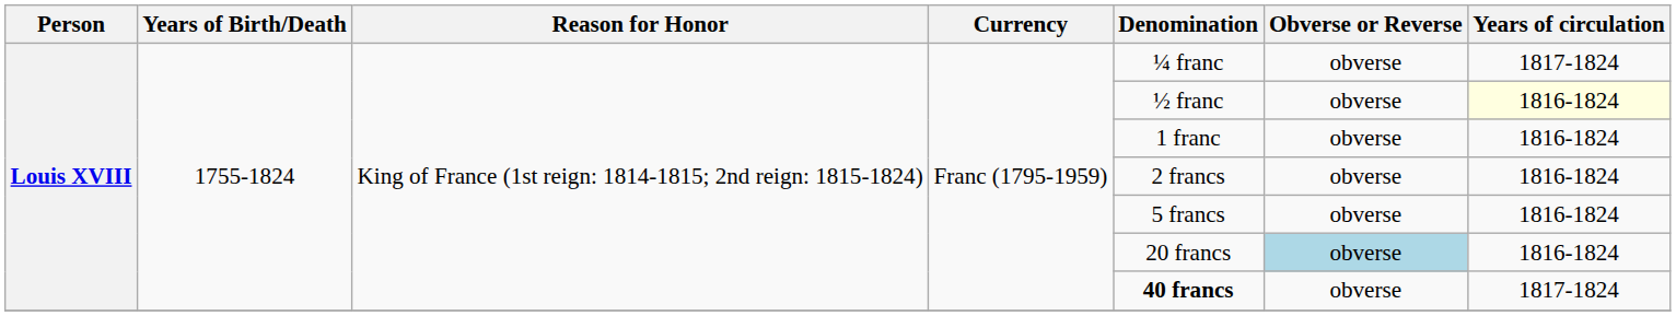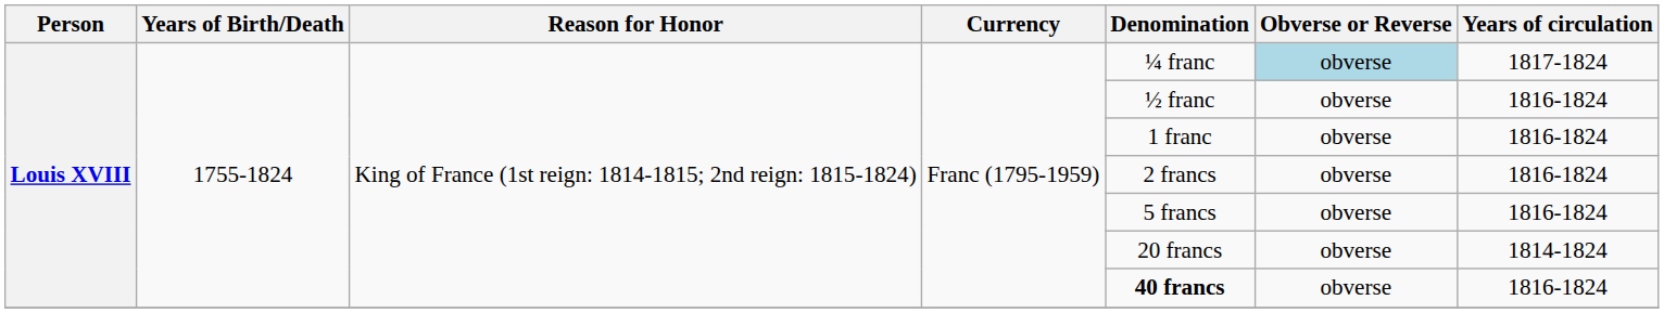 <table class="wikitable" style="font-size:95%; text-align:center;">
 <tr>
 <th>Person</th>
 <th>Years of Birth/Death</th>
 <th>Reason for Honor</th>
 <th>Currency</th>
 <th>Denomination</th>
 <th>Obverse or Reverse</th>
 <th>Years of circulation</th>
 </tr>
 <tr>
 <th rowspan="7"><a href='#'>Louis XVIII</a></th>
 <td rowspan="7">1755-1824</td>
 <td rowspan="7">King of France (1st reign: 1814-1815; 2nd reign: 1815-1824)</td>
 <td rowspan="7">Franc (1795-1959)</td>
 <td>¼ franc</td>
-<td>obverse</td>
+<td style="background: lightblue;">obverse</td>
 <td>1817-1824</td>
 </tr>
 <tr>
 <td>½ franc</td>
 <td>obverse</td>
-<td style="background: lightyellow;">1816-1824</td>
+<td>1816-1824</td>
 </tr>
 <tr>
 <td>1 franc</td>
 <td>obverse</td>
 <td>1816-1824</td>
 </tr>
 <tr>
 <td>2 francs</td>
 <td>obverse</td>
 <td>1816-1824</td>
 </tr>
 <tr>
 <td>5 francs</td>
 <td>obverse</td>
 <td>1816-1824</td>
 </tr>
 <tr>
 <td>20 francs</td>
-<td style="background: lightblue;">obverse</td>
-<td>1816-1824</td>
+<td>obverse</td>
+<td>1814-1824</td>
 </tr>
 <tr>
 <td><strong>40 francs</strong></td>
 <td>obverse</td>
-<td>1817-1824</td>
+<td>1816-1824</td>
 </tr>
 <tr>
 </tr>
 </table>
